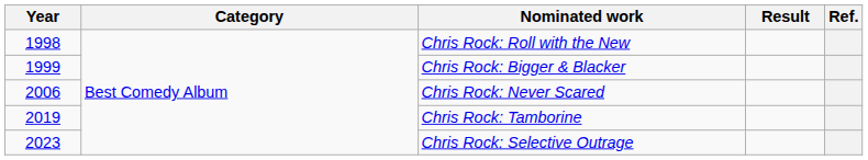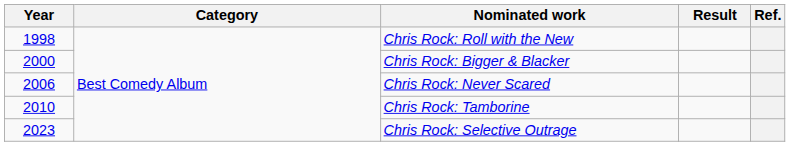 <table class=wikitable>
 <tr>
 <th scope="col" style="width:5em;">Year</th>
 <th scope="col" style="width:26em;">Category</th>
 <th scope="col" style="width:25em;">Nominated work</th>
 <th scope="col" style="width:5em;">Result</th>
 <th>Ref.</th>
 </tr>
 <tr>
 <td style="text-align:center;"><a href='#'>1998</a></td>
 <td rowspan=6><a href='#'>Best Comedy Album</a></td>
 <td><em><a href='#'>Chris Rock: Roll with the New</a></em></td>
 <td></td>
 <th align="center"></th>
 </tr>
 <tr>
-<td style="text-align:center;"><a href='#'>1999</a></td>
+<td style="text-align:center;"><a href='#'>2000</a></td>
 <td><em><a href='#'>Chris Rock: Bigger & Blacker</a></em></td>
 <td></td>
 <th align="center"></th>
 </tr>
 <tr>
 <td style="text-align:center;"><a href='#'>2006</a></td>
 <td><em><a href='#'>Chris Rock: Never Scared</a></em></td>
 <td></td>
 <th align="center"></th>
 </tr>
 <tr>
-<td style="text-align:center;"><a href='#'>2019</a></td>
+<td style="text-align:center;"><a href='#'>2010</a></td>
 <td><em><a href='#'>Chris Rock: Tamborine</a></em></td>
 <td></td>
 <th align="center"></th>
 </tr>
 <tr>
 <td style="text-align:center;"><a href='#'>2023</a></td>
 <td><em><a href='#'>Chris Rock: Selective Outrage</a></em></td>
 <td></td>
 <th align="center"></th>
 </tr>
 </table>
